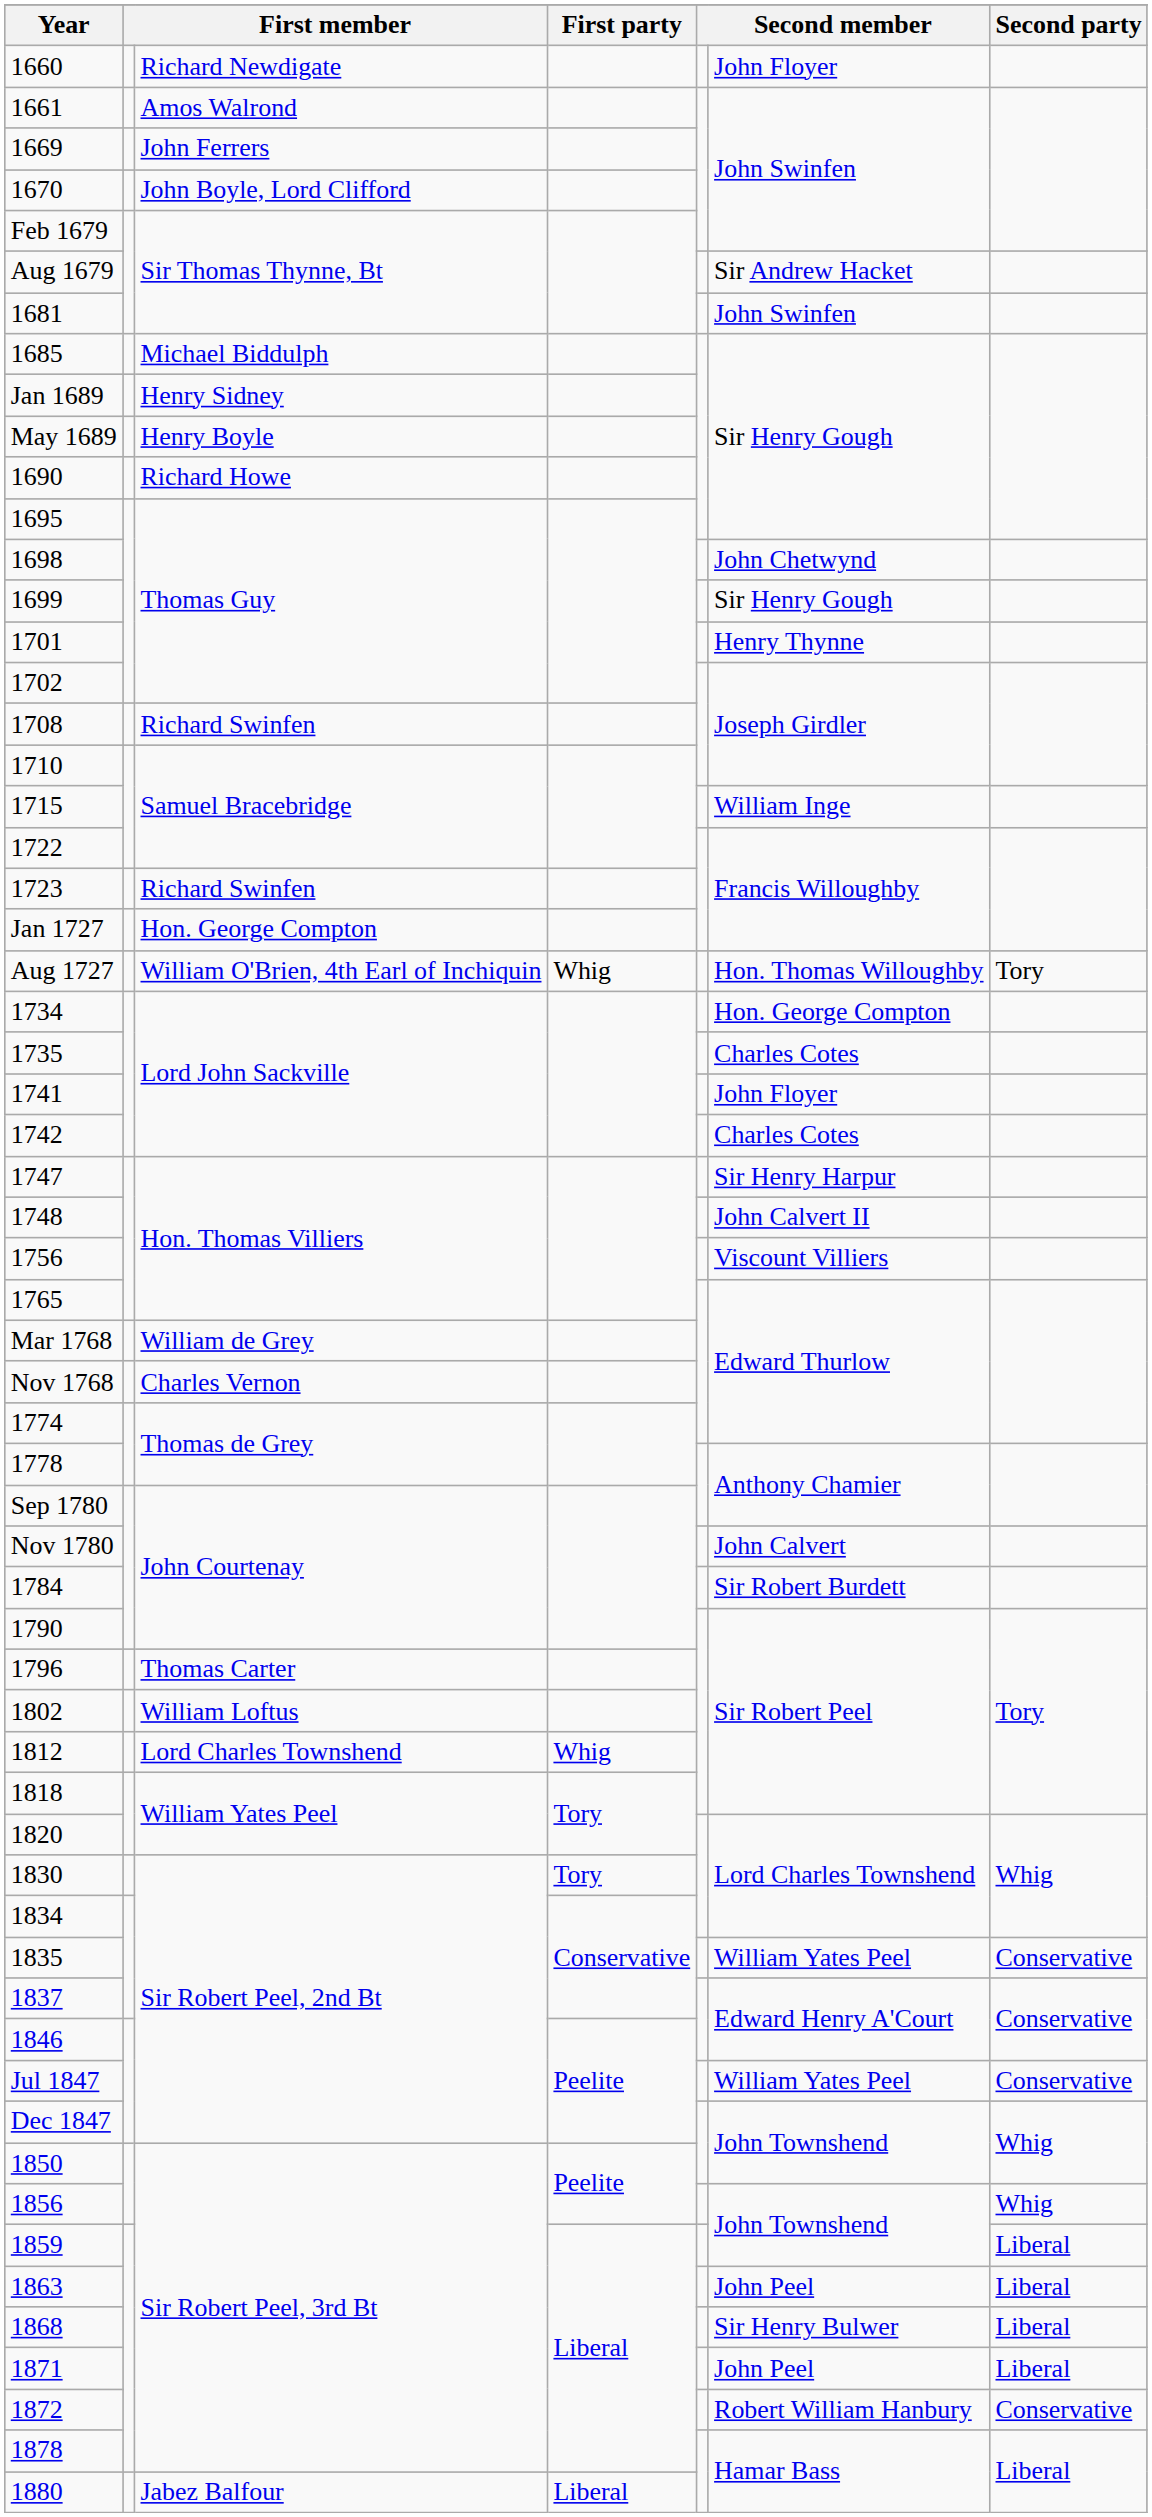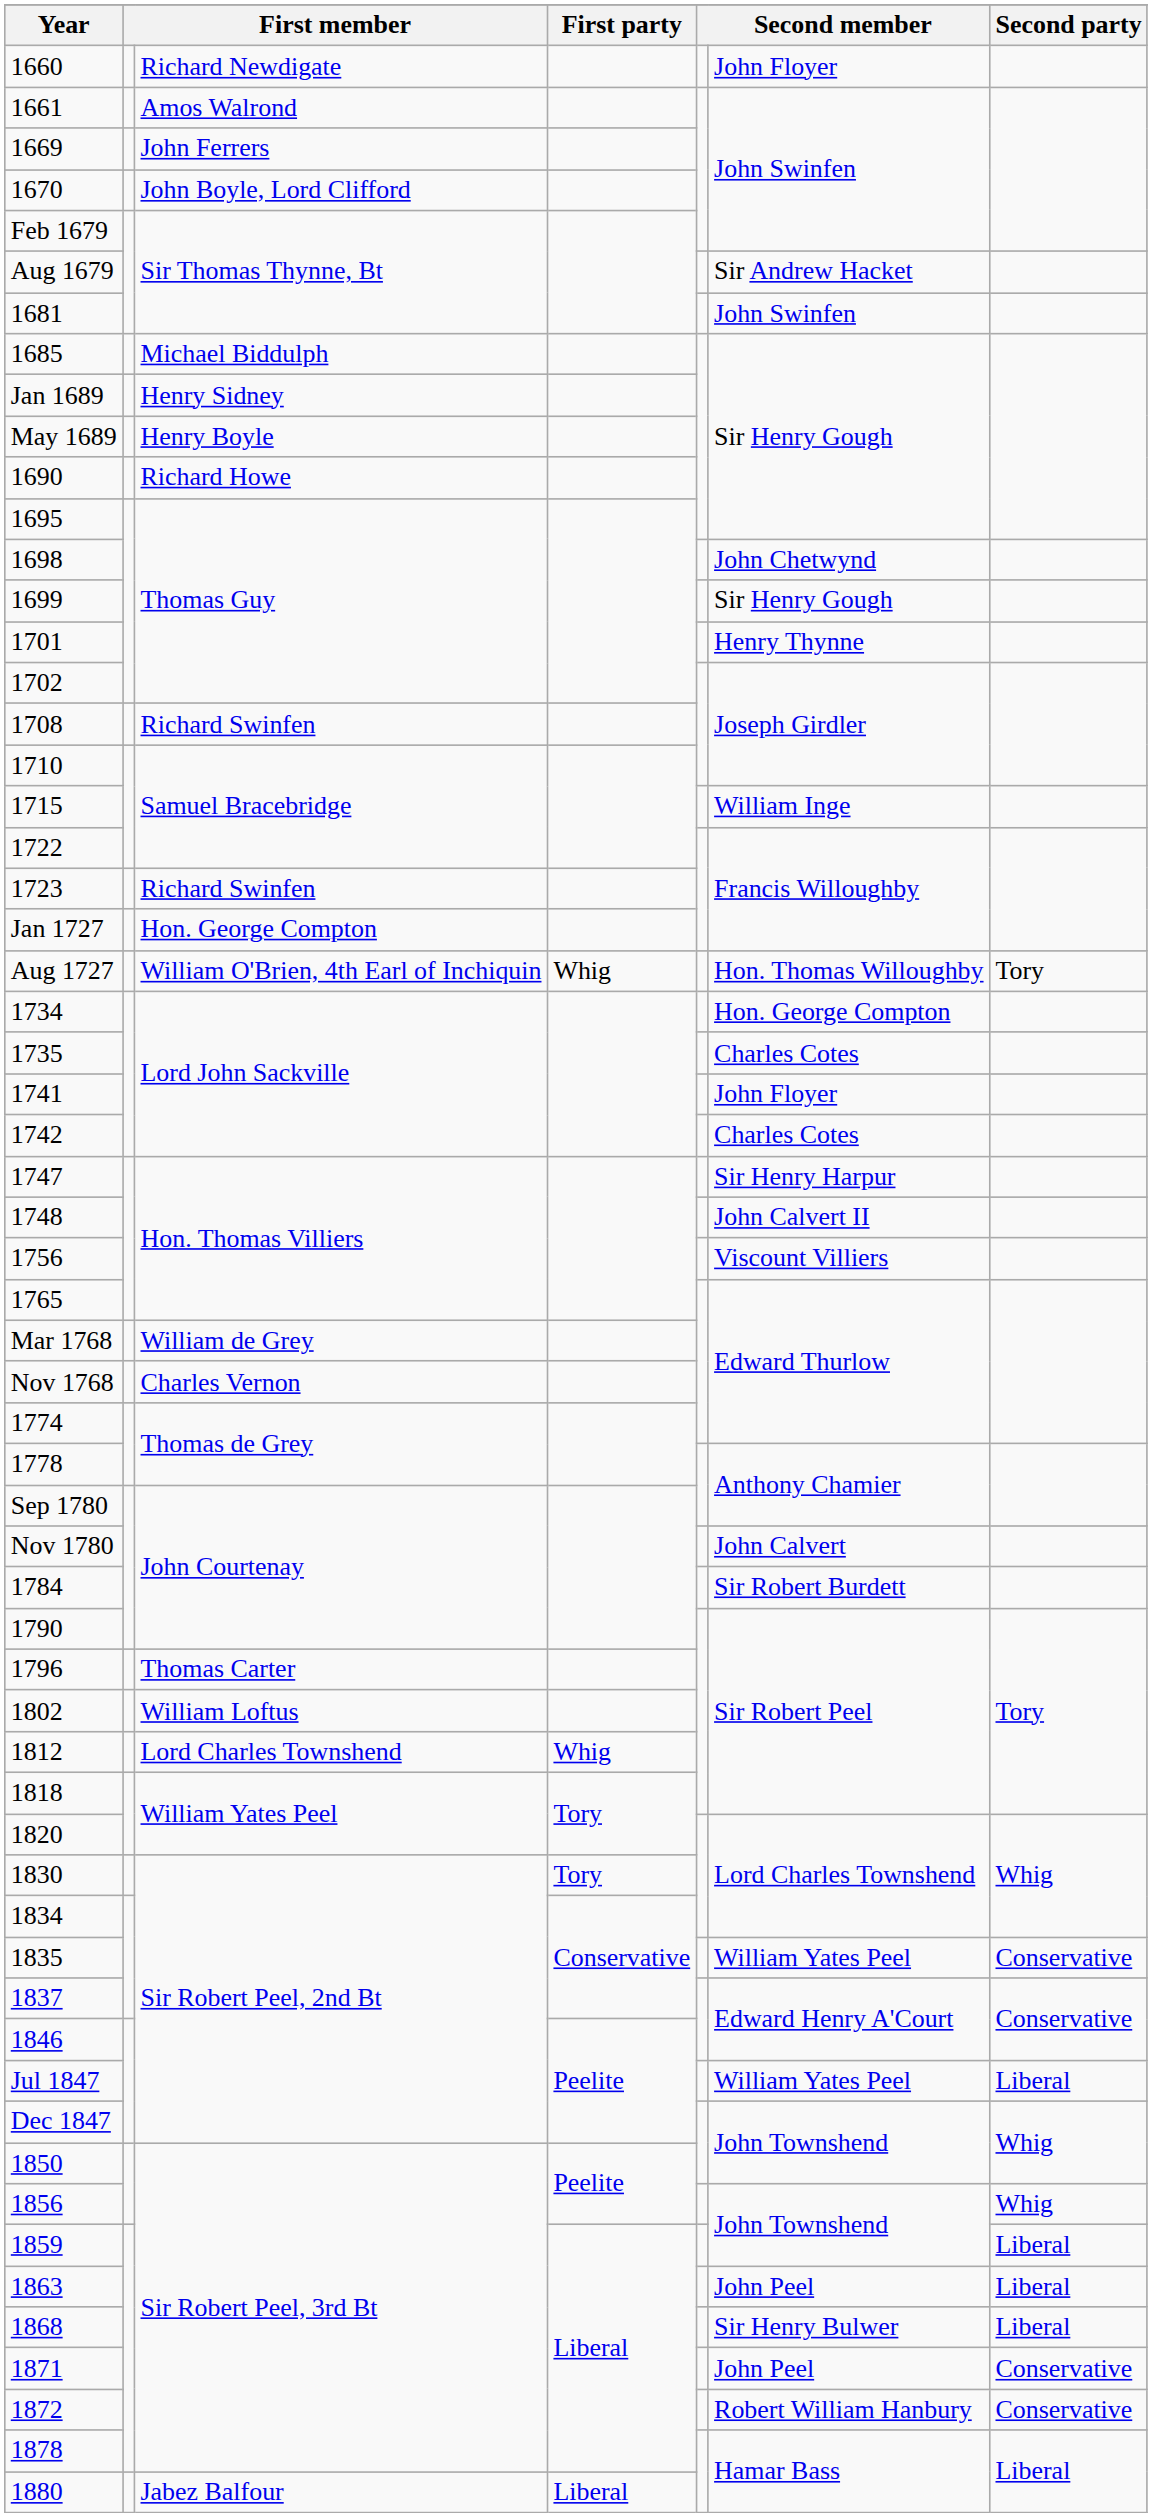 <table class="wikitable">
 <tr>
 </tr>
 <tr>
 <th>Year</th>
 <th colspan="2">First member</th>
 <th>First party</th>
 <th colspan="2">Second member</th>
 <th>Second party</th>
 </tr>
 <tr>
 <td>1660</td>
 <td></td>
 <td><a href='#'>Richard Newdigate</a> </td>
 <td></td>
 <td></td>
 <td><a href='#'>John Floyer</a>     </td>
 <td></td>
 </tr>
 <tr>
 <td>1661</td>
 <td></td>
 <td><a href='#'>Amos Walrond</a> </td>
 <td></td>
 <td rowspan="4"></td>
 <td rowspan="4"><a href='#'>John Swinfen</a>   </td>
 <td rowspan="4"></td>
 </tr>
 <tr>
 <td>1669</td>
 <td></td>
 <td><a href='#'>John Ferrers</a> </td>
 <td></td>
 </tr>
 <tr>
 <td>1670</td>
 <td></td>
 <td><a href='#'>John Boyle, Lord Clifford</a> </td>
 <td></td>
 </tr>
 <tr>
 <td>Feb 1679</td>
 <td rowspan="3"></td>
 <td rowspan="3"><a href='#'>Sir Thomas Thynne, Bt</a> </td>
 <td rowspan="3"></td>
 </tr>
 <tr>
 <td>Aug 1679</td>
 <td></td>
 <td>Sir <a href='#'>Andrew Hacket</a> </td>
 <td></td>
 </tr>
 <tr>
 <td>1681</td>
 <td></td>
 <td><a href='#'>John Swinfen</a>   </td>
 <td></td>
 </tr>
 <tr>
 <td>1685</td>
 <td></td>
 <td><a href='#'>Michael Biddulph</a> </td>
 <td></td>
 <td rowspan="5"></td>
 <td rowspan="5">Sir <a href='#'>Henry Gough</a> </td>
 <td rowspan="5"></td>
 </tr>
 <tr>
 <td>Jan 1689</td>
 <td></td>
 <td><a href='#'>Henry Sidney</a></td>
 <td></td>
 </tr>
 <tr>
 <td>May 1689</td>
 <td></td>
 <td><a href='#'>Henry Boyle</a></td>
 <td></td>
 </tr>
 <tr>
 <td>1690</td>
 <td></td>
 <td><a href='#'>Richard Howe</a></td>
 <td></td>
 </tr>
 <tr>
 <td>1695</td>
 <td rowspan="5"></td>
 <td rowspan="5"><a href='#'>Thomas Guy</a> </td>
 <td rowspan="5"></td>
 </tr>
 <tr>
 <td>1698</td>
 <td></td>
 <td><a href='#'>John Chetwynd</a> </td>
 <td></td>
 </tr>
 <tr>
 <td>1699</td>
 <td></td>
 <td>Sir <a href='#'>Henry Gough</a> </td>
 <td></td>
 </tr>
 <tr>
 <td>1701</td>
 <td></td>
 <td><a href='#'>Henry Thynne</a> </td>
 <td></td>
 </tr>
 <tr>
 <td>1702</td>
 <td rowspan="3"></td>
 <td rowspan="3"><a href='#'>Joseph Girdler</a>  </td>
 <td rowspan="3"></td>
 </tr>
 <tr>
 <td>1708</td>
 <td></td>
 <td><a href='#'>Richard Swinfen</a> </td>
 <td></td>
 </tr>
 <tr>
 <td>1710</td>
 <td rowspan="3"></td>
 <td rowspan="3"><a href='#'>Samuel Bracebridge</a>  </td>
 <td rowspan="3"></td>
 </tr>
 <tr>
 <td>1715</td>
 <td></td>
 <td><a href='#'>William Inge</a> </td>
 <td></td>
 </tr>
 <tr>
 <td>1722</td>
 <td rowspan="3"></td>
 <td rowspan="3"><a href='#'>Francis Willoughby</a>  </td>
 <td rowspan="3"></td>
 </tr>
 <tr>
 <td>1723</td>
 <td></td>
 <td><a href='#'>Richard Swinfen</a> </td>
 <td></td>
 </tr>
 <tr>
 <td>Jan 1727</td>
 <td></td>
 <td><a href='#'>Hon. George Compton</a></td>
 <td></td>
 </tr>
 <tr>
 <td>Aug 1727</td>
 <td style="color:inherit;background-color:"></td>
 <td><a href='#'>William O'Brien, 4th Earl of Inchiquin</a> </td>
 <td>Whig</td>
 <td style="color:inherit;background-color:"></td>
 <td><a href='#'>Hon. Thomas Willoughby</a> </td>
 <td>Tory</td>
 </tr>
 <tr>
 <td>1734</td>
 <td rowspan="4"></td>
 <td rowspan="4"><a href='#'>Lord John Sackville</a>  </td>
 <td rowspan="4"></td>
 <td></td>
 <td><a href='#'>Hon. George Compton</a> </td>
 <td></td>
 </tr>
 <tr>
 <td>1735</td>
 <td></td>
 <td><a href='#'>Charles Cotes</a> </td>
 <td></td>
 </tr>
 <tr>
 <td>1741</td>
 <td></td>
 <td><a href='#'>John Floyer</a>     </td>
 <td></td>
 </tr>
 <tr>
 <td>1742</td>
 <td></td>
 <td><a href='#'>Charles Cotes</a>     </td>
 <td></td>
 </tr>
 <tr>
 <td>1747</td>
 <td rowspan="4"></td>
 <td rowspan="4"><a href='#'>Hon. Thomas Villiers</a>  </td>
 <td rowspan="4"></td>
 <td></td>
 <td><a href='#'>Sir Henry Harpur</a> </td>
 <td></td>
 </tr>
 <tr>
 <td>1748</td>
 <td></td>
 <td><a href='#'>John Calvert II</a>  </td>
 <td></td>
 </tr>
 <tr>
 <td>1756</td>
 <td></td>
 <td><a href='#'>Viscount Villiers</a> </td>
 <td></td>
 </tr>
 <tr>
 <td>1765</td>
 <td rowspan="4"></td>
 <td rowspan="4"><a href='#'>Edward Thurlow</a> </td>
 <td rowspan="4"></td>
 </tr>
 <tr>
 <td>Mar 1768</td>
 <td></td>
 <td><a href='#'>William de Grey</a> </td>
 <td></td>
 </tr>
 <tr>
 <td>Nov 1768</td>
 <td></td>
 <td><a href='#'>Charles Vernon</a> </td>
 <td></td>
 </tr>
 <tr>
 <td>1774</td>
 <td rowspan="2"></td>
 <td rowspan="2"><a href='#'>Thomas de Grey</a> </td>
 <td rowspan="2"></td>
 </tr>
 <tr>
 <td>1778</td>
 <td rowspan="2"></td>
 <td rowspan="2"><a href='#'>Anthony Chamier</a>  </td>
 <td rowspan="2"></td>
 </tr>
 <tr>
 <td>Sep 1780</td>
 <td rowspan="4"></td>
 <td rowspan="4"><a href='#'>John Courtenay</a>  </td>
 <td rowspan="4"></td>
 </tr>
 <tr>
 <td>Nov 1780</td>
 <td></td>
 <td><a href='#'>John Calvert</a>  </td>
 <td></td>
 </tr>
 <tr>
 <td>1784</td>
 <td></td>
 <td><a href='#'>Sir Robert Burdett</a>  </td>
 <td></td>
 </tr>
 <tr>
 <td>1790</td>
 <td rowspan="5" style="color:inherit;background-color:"></td>
 <td rowspan="5"><a href='#'>Sir Robert Peel</a> </td>
 <td rowspan="5"><a href='#'>Tory</a></td>
 </tr>
 <tr>
 <td>1796</td>
 <td></td>
 <td><a href='#'>Thomas Carter</a>     </td>
 <td></td>
 </tr>
 <tr>
 <td>1802</td>
 <td></td>
 <td><a href='#'>William Loftus</a> </td>
 <td></td>
 </tr>
 <tr>
 <td>1812</td>
 <td style="color:inherit;background-color:"></td>
 <td><a href='#'>Lord Charles Townshend</a> </td>
 <td><a href='#'>Whig</a></td>
 </tr>
 <tr>
 <td>1818</td>
 <td rowspan="2" style="color:inherit;background-color:"></td>
 <td rowspan="2"><a href='#'>William Yates Peel</a>  </td>
 <td rowspan="2"><a href='#'>Tory</a></td>
 </tr>
 <tr>
 <td>1820</td>
 <td rowspan="3" style="color:inherit;background-color:"></td>
 <td rowspan="3"><a href='#'>Lord Charles Townshend</a> </td>
 <td rowspan="3"><a href='#'>Whig</a></td>
 </tr>
 <tr>
 <td>1830</td>
 <td style="color:inherit;background-color: "></td>
 <td rowspan="7"><a href='#'>Sir Robert Peel, 2nd Bt</a> </td>
 <td><a href='#'>Tory</a></td>
 </tr>
 <tr>
 <td>1834</td>
 <td rowspan="3" style="color:inherit;background-color: "></td>
 <td rowspan="3"><a href='#'>Conservative</a></td>
 </tr>
 <tr>
 <td>1835</td>
 <td style="color:inherit;background-color: "></td>
 <td><a href='#'>William Yates Peel</a>  </td>
 <td><a href='#'>Conservative</a></td>
 </tr>
 <tr>
 <td><a href='#'>1837</a></td>
 <td rowspan="2" style="color:inherit;background-color: "></td>
 <td rowspan="2"><a href='#'>Edward Henry A'Court</a> </td>
 <td rowspan="2"><a href='#'>Conservative</a></td>
 </tr>
 <tr>
 <td><a href='#'>1846</a></td>
 <td rowspan="3" style="color:inherit;background-color: "></td>
 <td rowspan="3"><a href='#'>Peelite</a></td>
 </tr>
 <tr>
 <td><a href='#'>Jul 1847</a></td>
 <td style="color:inherit;background-color: "></td>
 <td><a href='#'>William Yates Peel</a>  </td>
-<td><a href='#'>Conservative</a></td>
+<td><a href='#'>Liberal</a></td>
 </tr>
 <tr>
 <td><a href='#'>Dec 1847</a></td>
 <td rowspan="2" style="color:inherit;background-color: "></td>
 <td rowspan="2"><a href='#'>John Townshend</a> </td>
 <td rowspan="2"><a href='#'>Whig</a></td>
 </tr>
 <tr>
 <td><a href='#'>1850</a></td>
 <td rowspan="2" style="color:inherit;background-color: "></td>
 <td rowspan="8"><a href='#'>Sir Robert Peel, 3rd Bt</a> </td>
 <td rowspan="2"><a href='#'>Peelite</a></td>
 </tr>
 <tr>
 <td><a href='#'>1856</a></td>
 <td style="color:inherit;background-color: "></td>
 <td rowspan="2"><a href='#'>John Townshend</a> </td>
 <td><a href='#'>Whig</a></td>
 </tr>
 <tr>
 <td><a href='#'>1859</a></td>
 <td rowspan="6" style="color:inherit;background-color: "></td>
 <td rowspan="6"><a href='#'>Liberal</a></td>
 <td style="color:inherit;background-color: "></td>
 <td><a href='#'>Liberal</a></td>
 </tr>
 <tr>
 <td><a href='#'>1863</a></td>
 <td style="color:inherit;background-color: "></td>
 <td><a href='#'>John Peel</a></td>
 <td><a href='#'>Liberal</a></td>
 </tr>
 <tr>
 <td><a href='#'>1868</a></td>
 <td style="color:inherit;background-color: "></td>
 <td><a href='#'>Sir Henry Bulwer</a> </td>
 <td><a href='#'>Liberal</a></td>
 </tr>
 <tr>
 <td><a href='#'>1871</a></td>
 <td style="color:inherit;background-color: "></td>
 <td><a href='#'>John Peel</a></td>
-<td><a href='#'>Liberal</a></td>
+<td><a href='#'>Conservative</a></td>
 </tr>
 <tr>
 <td><a href='#'>1872</a></td>
 <td style="color:inherit;background-color: "></td>
 <td><a href='#'>Robert William Hanbury</a> </td>
 <td><a href='#'>Conservative</a></td>
 </tr>
 <tr>
 <td><a href='#'>1878</a></td>
 <td rowspan="2" style="color:inherit;background-color: "></td>
 <td rowspan="2"><a href='#'>Hamar Bass</a>  </td>
 <td rowspan="2"><a href='#'>Liberal</a></td>
 </tr>
 <tr>
 <td><a href='#'>1880</a></td>
 <td style="color:inherit;background-color: "></td>
 <td><a href='#'>Jabez Balfour</a> </td>
 <td><a href='#'>Liberal</a></td>
 </tr>
 </table>
